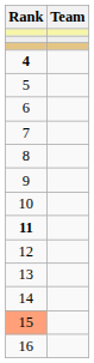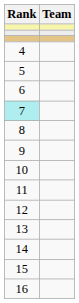 <table class="wikitable" style="text-align:center">
 <tr>
 <th>Rank</th>
 <th>Team</th>
 </tr>
 <tr bgcolor=#F7F6A8>
 <td></td>
 <td align=left></td>
 </tr>
 <tr bgcolor=#EDEDED>
 <td></td>
 <td align=left></td>
 </tr>
 <tr bgcolor=#E5C585>
 <td></td>
 <td align=left></td>
 </tr>
 <tr>
-<td><strong>4</strong></td>
+<td>4</td>
 <td align=left></td>
 </tr>
 <tr>
 <td>5</td>
 <td align=left></td>
 </tr>
 <tr>
 <td>6</td>
 <td align=left></td>
 </tr>
 <tr>
-<td>7</td>
+<td style="background: paleturquoise;">7</td>
 <td align=left></td>
 </tr>
 <tr>
 <td>8</td>
 <td align=left></td>
 </tr>
 <tr>
 <td>9</td>
 <td align=left></td>
 </tr>
 <tr>
 <td>10</td>
 <td align=left></td>
 </tr>
 <tr>
-<td><strong>11</strong></td>
+<td>11</td>
 <td align=left></td>
 </tr>
 <tr>
 <td>12</td>
 <td align=left></td>
 </tr>
 <tr>
 <td>13</td>
 <td align=left></td>
 </tr>
 <tr>
 <td>14</td>
 <td align=left></td>
 </tr>
 <tr>
-<td style="background: lightsalmon;">15</td>
+<td>15</td>
 <td align=left></td>
 </tr>
 <tr>
 <td>16</td>
 <td align=left></td>
 </tr>
 </table>
